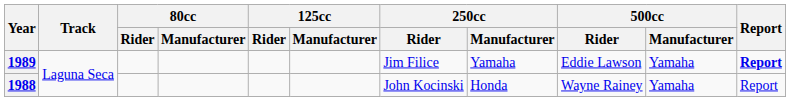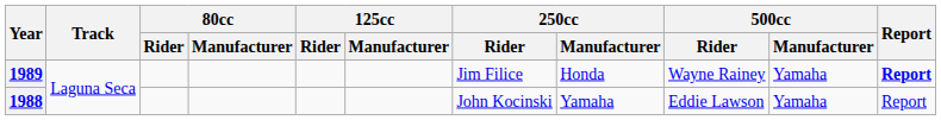 <table class="wikitable" style="font-size: 95%;">
 <tr>
 <th rowspan=2>Year</th>
 <th rowspan=2>Track</th>
 <th colspan=2>80cc</th>
 <th colspan=2>125cc</th>
 <th colspan=2>250cc</th>
 <th colspan=2>500cc</th>
 <th rowspan=2>Report</th>
 </tr>
 <tr>
 <th>Rider</th>
 <th>Manufacturer</th>
 <th>Rider</th>
 <th>Manufacturer</th>
 <th>Rider</th>
 <th>Manufacturer</th>
 <th>Rider</th>
 <th>Manufacturer</th>
 </tr>
 <tr>
 <th><a href='#'>1989</a></th>
 <td rowspan="2"><a href='#'>Laguna Seca</a></td>
 <td></td>
 <td></td>
 <td></td>
 <td></td>
 <td> <a href='#'>Jim Filice</a></td>
-<td><a href='#'>Yamaha</a></td>
-<td> <a href='#'>Eddie Lawson</a></td>
+<td><a href='#'>Honda</a></td>
+<td> <a href='#'>Wayne Rainey</a></td>
 <td><a href='#'>Yamaha</a></td>
 <td><strong><a href='#'>Report</a></strong></td>
 </tr>
 <tr>
 <th><a href='#'>1988</a></th>
 <td></td>
 <td></td>
 <td></td>
 <td></td>
 <td> <a href='#'>John Kocinski</a></td>
-<td><a href='#'>Honda</a></td>
-<td> <a href='#'>Wayne Rainey</a></td>
+<td><a href='#'>Yamaha</a></td>
+<td> <a href='#'>Eddie Lawson</a></td>
 <td><a href='#'>Yamaha</a></td>
 <td><a href='#'>Report</a></td>
 </tr>
 </table>
